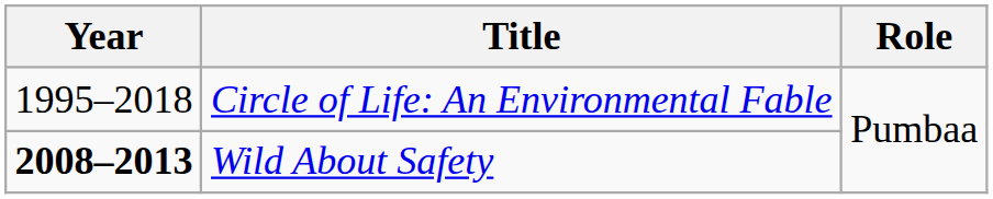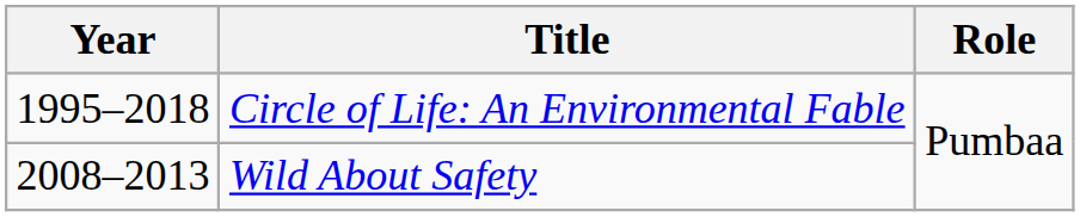 <table class="wikitable">
 <tr>
 <th>Year</th>
 <th>Title</th>
 <th>Role</th>
 </tr>
 <tr>
 <td>1995–2018</td>
 <td><em><a href='#'>Circle of Life: An Environmental Fable</a></em></td>
 <td rowspan="2">Pumbaa</td>
 </tr>
 <tr>
-<td><strong>2008–2013</strong></td>
+<td>2008–2013</td>
 <td><em><a href='#'>Wild About Safety</a></em></td>
 </tr>
 </table>
